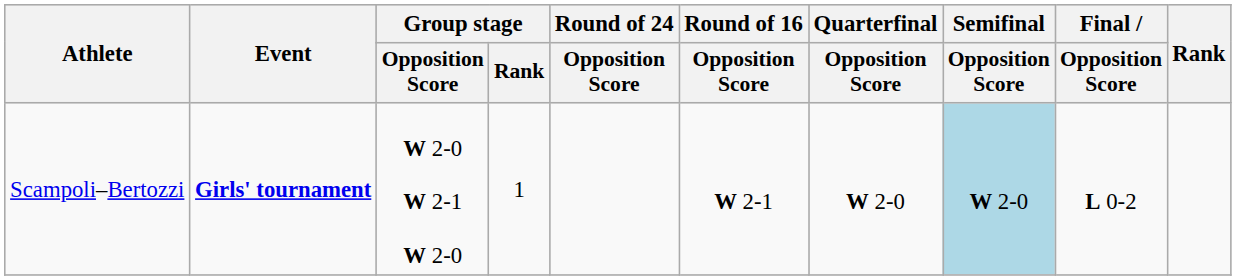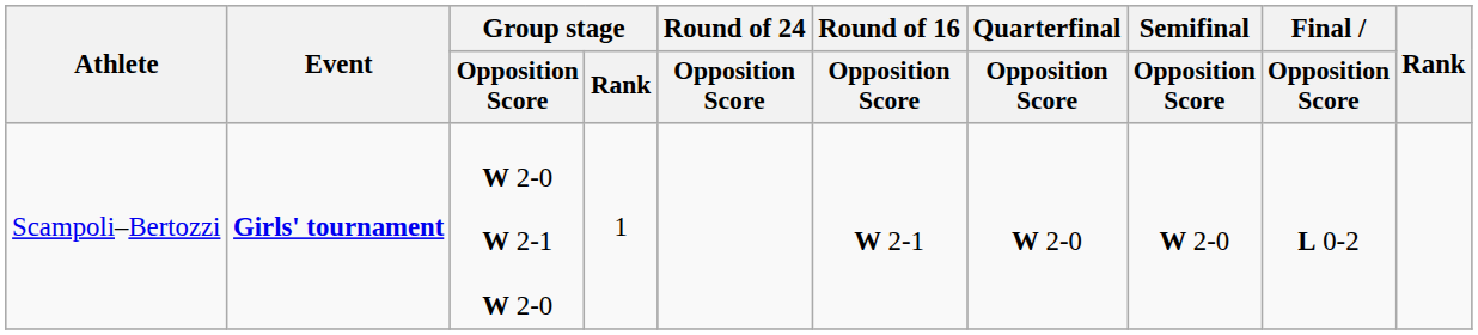 <table class="wikitable" style="font-size:90%">
 <tr>
 <th rowspan=2>Athlete</th>
 <th rowspan=2>Event</th>
 <th colspan=2>Group stage</th>
 <th>Round of 24</th>
 <th>Round of 16</th>
 <th>Quarterfinal</th>
 <th>Semifinal</th>
 <th>Final / </th>
 <th rowspan=2>Rank</th>
 </tr>
 <tr style="font-size:95%">
 <th>Opposition<br>Score</th>
 <th>Rank</th>
 <th>Opposition<br>Score</th>
 <th>Opposition<br>Score</th>
 <th>Opposition<br>Score</th>
 <th>Opposition<br>Score</th>
 <th>Opposition<br>Score</th>
 </tr>
 <tr align=center>
 <td><a href='#'>Scampoli</a>–<a href='#'>Bertozzi</a></td>
 <td><strong><a href='#'>Girls' tournament</a></strong></td>
 <td><br><strong>W</strong> 2-0<br><br><strong>W</strong> 2-1<br><br><strong>W</strong> 2-0</td>
 <td>1</td>
 <td></td>
 <td><br><strong>W</strong> 2-1</td>
 <td><br><strong>W</strong> 2-0</td>
-<td style="background: lightblue;"><br><strong>W</strong> 2-0</td>
+<td><br><strong>W</strong> 2-0</td>
 <td><br><strong>L</strong> 0-2</td>
 <td></td>
 </tr>
 </table>
